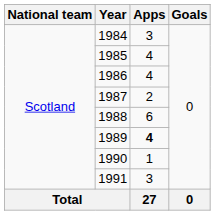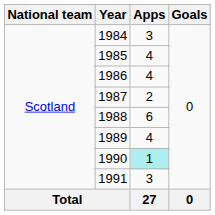 <table class="wikitable" style="text-align:center">
 <tr>
 <th>National team</th>
 <th>Year</th>
 <th>Apps</th>
 <th>Goals</th>
 </tr>
 <tr>
 <td rowspan="8"><a href='#'>Scotland</a></td>
 <td>1984</td>
 <td>3</td>
 <td rowspan="8">0</td>
 </tr>
 <tr>
 <td>1985</td>
 <td>4</td>
 </tr>
 <tr>
 <td>1986</td>
 <td>4</td>
 </tr>
 <tr>
 <td>1987</td>
 <td>2</td>
 </tr>
 <tr>
 <td>1988</td>
 <td>6</td>
 </tr>
 <tr>
 <td>1989</td>
-<td><strong>4</strong></td>
+<td>4</td>
 </tr>
 <tr>
 <td>1990</td>
-<td>1</td>
+<td style="background: paleturquoise;">1</td>
 </tr>
 <tr>
 <td>1991</td>
 <td>3</td>
 </tr>
 <tr>
 <th colspan="2">Total</th>
 <th>27</th>
 <th>0</th>
 </tr>
 </table>
